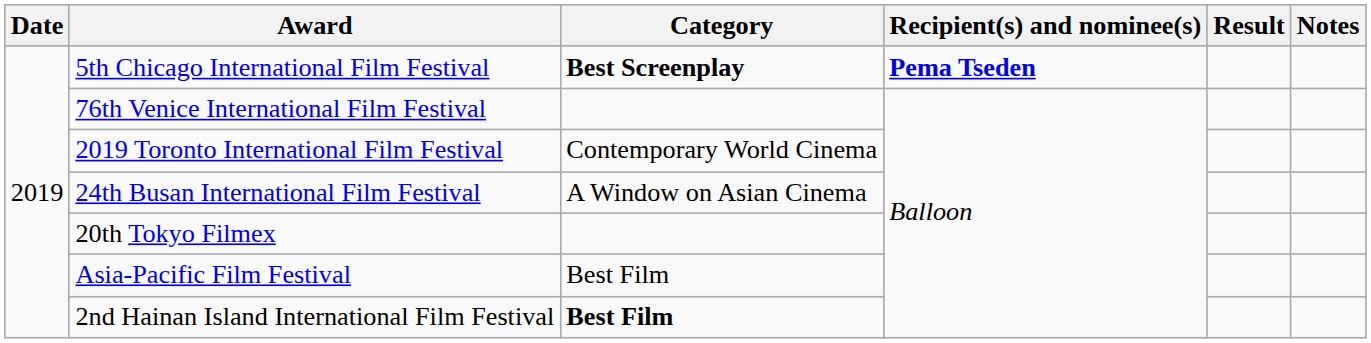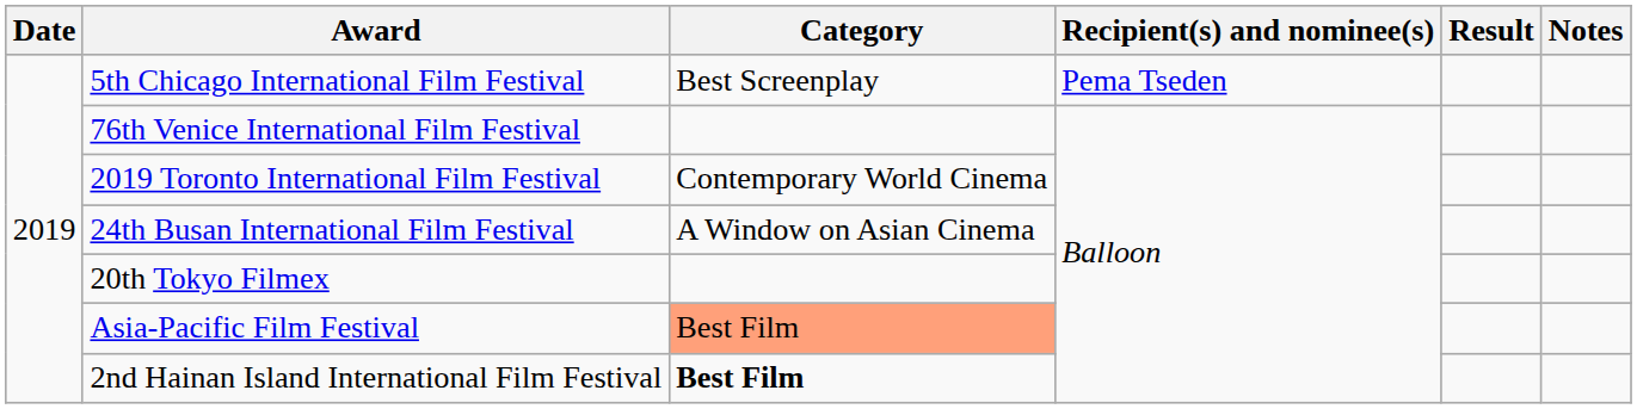 <table class="wikitable">
 <tr>
 <th>Date</th>
 <th>Award</th>
 <th>Category</th>
 <th>Recipient(s) and nominee(s)</th>
 <th>Result</th>
 <th>Notes</th>
 </tr>
 <tr>
 <td rowspan="7">2019</td>
 <td><a href='#'>5th Chicago International Film Festival</a></td>
-<td><strong>Best Screenplay</strong></td>
-<td><strong><a href='#'>Pema Tseden</a></strong></td>
+<td>Best Screenplay</td>
+<td><a href='#'>Pema Tseden</a></td>
 <td></td>
 <td></td>
 </tr>
 <tr>
 <td><a href='#'>76th Venice International Film Festival</a></td>
 <td></td>
 <td rowspan="6"><em>Balloon</em></td>
 <td></td>
 <td></td>
 </tr>
 <tr>
 <td><a href='#'>2019 Toronto International Film Festival</a></td>
 <td>Contemporary World Cinema</td>
 <td></td>
 <td></td>
 </tr>
 <tr>
 <td><a href='#'>24th Busan International Film Festival</a></td>
 <td>A Window on Asian Cinema</td>
 <td></td>
 <td></td>
 </tr>
 <tr>
 <td>20th <a href='#'>Tokyo Filmex</a></td>
 <td></td>
 <td></td>
 <td></td>
 </tr>
 <tr>
 <td><a href='#'>Asia-Pacific Film Festival</a></td>
-<td>Best Film</td>
+<td style="background: lightsalmon;">Best Film</td>
 <td></td>
 <td></td>
 </tr>
 <tr>
 <td>2nd Hainan Island International Film Festival</td>
 <td><strong>Best Film</strong></td>
 <td></td>
 <td></td>
 </tr>
 </table>
